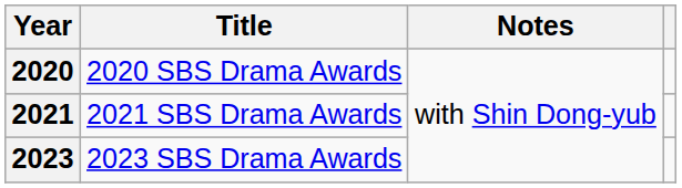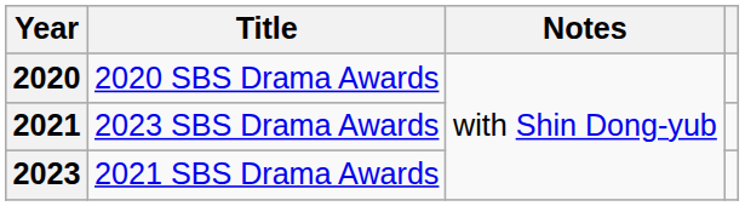 <table class="wikitable sortable plainrowheaders">
 <tr>
 <th scope="col">Year</th>
 <th scope="col">Title</th>
 <th scope="col">Notes</th>
 <th scope="col" class="unsortable"></th>
 </tr>
 <tr>
 <th scope="row">2020</th>
 <td><a href='#'>2020 SBS Drama Awards</a></td>
 <td rowspan="3">with <a href='#'>Shin Dong-yub</a></td>
 <td></td>
 </tr>
 <tr>
 <th scope="row">2021</th>
-<td><a href='#'>2021 SBS Drama Awards</a></td>
+<td><a href='#'>2023 SBS Drama Awards</a></td>
 <td></td>
 </tr>
 <tr>
 <th scope="row">2023</th>
-<td><a href='#'>2023 SBS Drama Awards</a></td>
+<td><a href='#'>2021 SBS Drama Awards</a></td>
 <td></td>
 </tr>
 </table>
